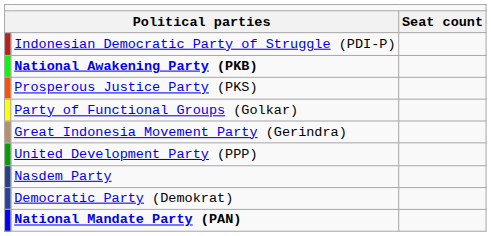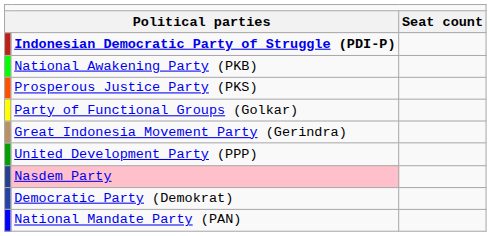 <table class="wikitable">
 <tr>
 <td colspan="4"></td>
 </tr>
 <tr>
 <th colspan="2">Political parties</th>
 <th>Seat count</th>
 </tr>
 <tr>
 <td bgcolor=#BD2016></td>
-<td><a href='#'>Indonesian Democratic Party of Struggle</a> (PDI-P)</td>
+<td><strong><a href='#'>Indonesian Democratic Party of Struggle</a> (PDI-P)</strong></td>
 <td></td>
 </tr>
 <tr>
 <td bgcolor=#00FF00></td>
-<td><strong><a href='#'>National Awakening Party</a> (PKB)</strong></td>
+<td><a href='#'>National Awakening Party</a> (PKB)</td>
 <td></td>
 </tr>
 <tr>
 <td bgcolor=#FF4F00></td>
 <td><a href='#'>Prosperous Justice Party</a> (PKS)</td>
 <td></td>
 </tr>
 <tr>
 <td bgcolor=#FFFF00></td>
 <td><a href='#'>Party of Functional Groups</a> (Golkar)</td>
 <td></td>
 </tr>
 <tr>
 <td bgcolor=#B79164></td>
 <td><a href='#'>Great Indonesia Movement Party</a> (Gerindra)</td>
 <td></td>
 </tr>
 <tr>
 <td bgcolor=#00A100></td>
 <td><a href='#'>United Development Party</a> (PPP)</td>
 <td></td>
 </tr>
 <tr>
 <td bgcolor=#27408B></td>
-<td><a href='#'>Nasdem Party</a></td>
+<td style="background: pink;"><a href='#'>Nasdem Party</a></td>
 <td></td>
 </tr>
 <tr>
 <td bgcolor=#2643A3></td>
 <td><a href='#'>Democratic Party</a> (Demokrat)</td>
 <td></td>
 </tr>
 <tr>
 <td bgcolor=#0000FF></td>
-<td><strong><a href='#'>National Mandate Party</a> (PAN)</strong></td>
+<td><a href='#'>National Mandate Party</a> (PAN)</td>
 <td></td>
 </tr>
 </table>
